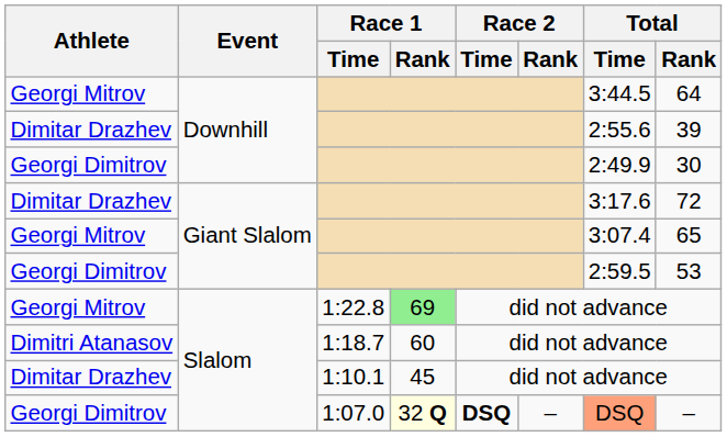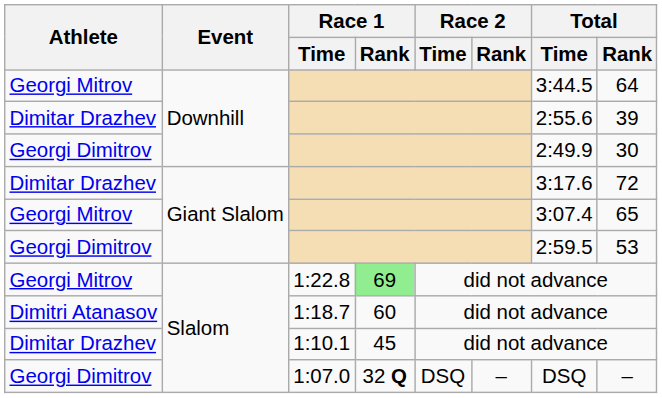 <table class="wikitable" style="font-size:90%">
 <tr>
 <th rowspan="2">Athlete</th>
 <th rowspan="2">Event</th>
 <th colspan="2">Race 1</th>
 <th colspan="2">Race 2</th>
 <th colspan="2">Total</th>
 </tr>
 <tr>
 <th>Time</th>
 <th>Rank</th>
 <th>Time</th>
 <th>Rank</th>
 <th>Time</th>
 <th>Rank</th>
 </tr>
 <tr>
 <td><a href='#'>Georgi Mitrov</a></td>
 <td rowspan="3">Downhill</td>
 <td colspan="4" bgcolor="wheat"></td>
 <td align="center">3:44.5</td>
 <td align="center">64</td>
 </tr>
 <tr>
 <td><a href='#'>Dimitar Drazhev</a></td>
 <td colspan="4" bgcolor="wheat"></td>
 <td align="center">2:55.6</td>
 <td align="center">39</td>
 </tr>
 <tr>
 <td><a href='#'>Georgi Dimitrov</a></td>
 <td colspan="4" bgcolor="wheat"></td>
 <td align="center">2:49.9</td>
 <td align="center">30</td>
 </tr>
 <tr>
 <td><a href='#'>Dimitar Drazhev</a></td>
 <td rowspan="3">Giant Slalom</td>
 <td colspan="4" bgcolor="wheat"></td>
 <td align="center">3:17.6</td>
 <td align="center">72</td>
 </tr>
 <tr>
 <td><a href='#'>Georgi Mitrov</a></td>
 <td colspan="4" bgcolor="wheat"></td>
 <td align="center">3:07.4</td>
 <td align="center">65</td>
 </tr>
 <tr>
 <td><a href='#'>Georgi Dimitrov</a></td>
 <td colspan="4" bgcolor="wheat"></td>
 <td align="center">2:59.5</td>
 <td align="center">53</td>
 </tr>
 <tr>
 <td><a href='#'>Georgi Mitrov</a></td>
 <td rowspan="4">Slalom</td>
 <td align="center">1:22.8</td>
 <td align="center" style="background: lightgreen;">69</td>
 <td colspan="4" align="center">did not advance</td>
 </tr>
 <tr>
 <td><a href='#'>Dimitri Atanasov</a></td>
 <td align="center">1:18.7</td>
 <td align="center">60</td>
 <td colspan="4" align="center">did not advance</td>
 </tr>
 <tr>
 <td><a href='#'>Dimitar Drazhev</a></td>
 <td align="center">1:10.1</td>
 <td align="center">45</td>
 <td colspan="4" align="center">did not advance</td>
 </tr>
 <tr>
 <td><a href='#'>Georgi Dimitrov</a></td>
 <td align="center">1:07.0</td>
-<td align="center" style="background: lightyellow;">32 <strong>Q</strong></td>
-<td align="center"><strong>DSQ</strong></td>
+<td align="center">32 <strong>Q</strong></td>
+<td align="center">DSQ</td>
 <td align="center">–</td>
-<td align="center" style="background: lightsalmon;">DSQ</td>
+<td align="center">DSQ</td>
 <td align="center">–</td>
 </tr>
 </table>
